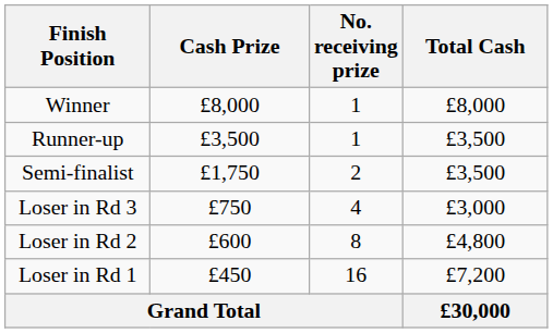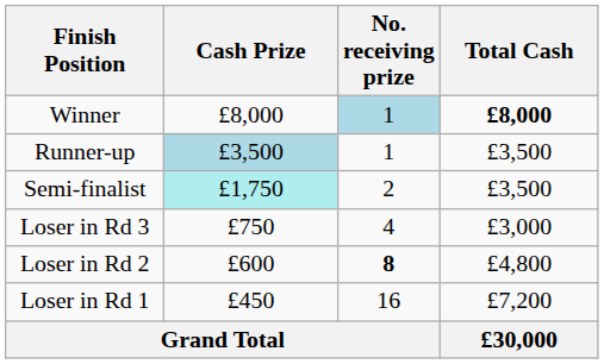 <table class="wikitable" style="text-align:center;">
 <tr>
 <th width=100 abbr="Finish Position">Finish Position</th>
 <th width=110 abbr="Cash Prize">Cash Prize</th>
 <th width=50 abbr="No. receiving prize">No. receiving prize</th>
 <th width=100 abbr="Total Cash">Total Cash</th>
 </tr>
 <tr>
 <td>Winner</td>
 <td>£8,000</td>
-<td>1</td>
-<td>£8,000</td>
+<td style="background: lightblue;">1</td>
+<td><strong>£8,000</strong></td>
 </tr>
 <tr>
 <td>Runner-up</td>
-<td>£3,500</td>
+<td style="background: lightblue;">£3,500</td>
 <td>1</td>
 <td>£3,500</td>
 </tr>
 <tr>
 <td>Semi-finalist</td>
-<td>£1,750</td>
+<td style="background: paleturquoise;">£1,750</td>
 <td>2</td>
 <td>£3,500</td>
 </tr>
 <tr>
 <td>Loser in Rd 3</td>
 <td>£750</td>
 <td>4</td>
 <td>£3,000</td>
 </tr>
 <tr>
 <td>Loser in Rd 2</td>
 <td>£600</td>
-<td>8</td>
+<td><strong>8</strong></td>
 <td>£4,800</td>
 </tr>
 <tr>
 <td>Loser in Rd 1</td>
 <td>£450</td>
 <td>16</td>
 <td>£7,200</td>
 </tr>
 <tr>
 <th colspan="3">Grand Total</th>
 <th>£30,000</th>
 </tr>
 </table>
